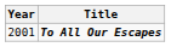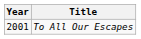 <table class="wikitable">
 <tr>
 <th>Year</th>
 <th>Title</th>
 </tr>
 <tr>
 <td>2001</td>
-<td><strong><em>To All Our Escapes</em></strong></td>
+<td><em>To All Our Escapes</em></td>
 </tr>
 </table>
